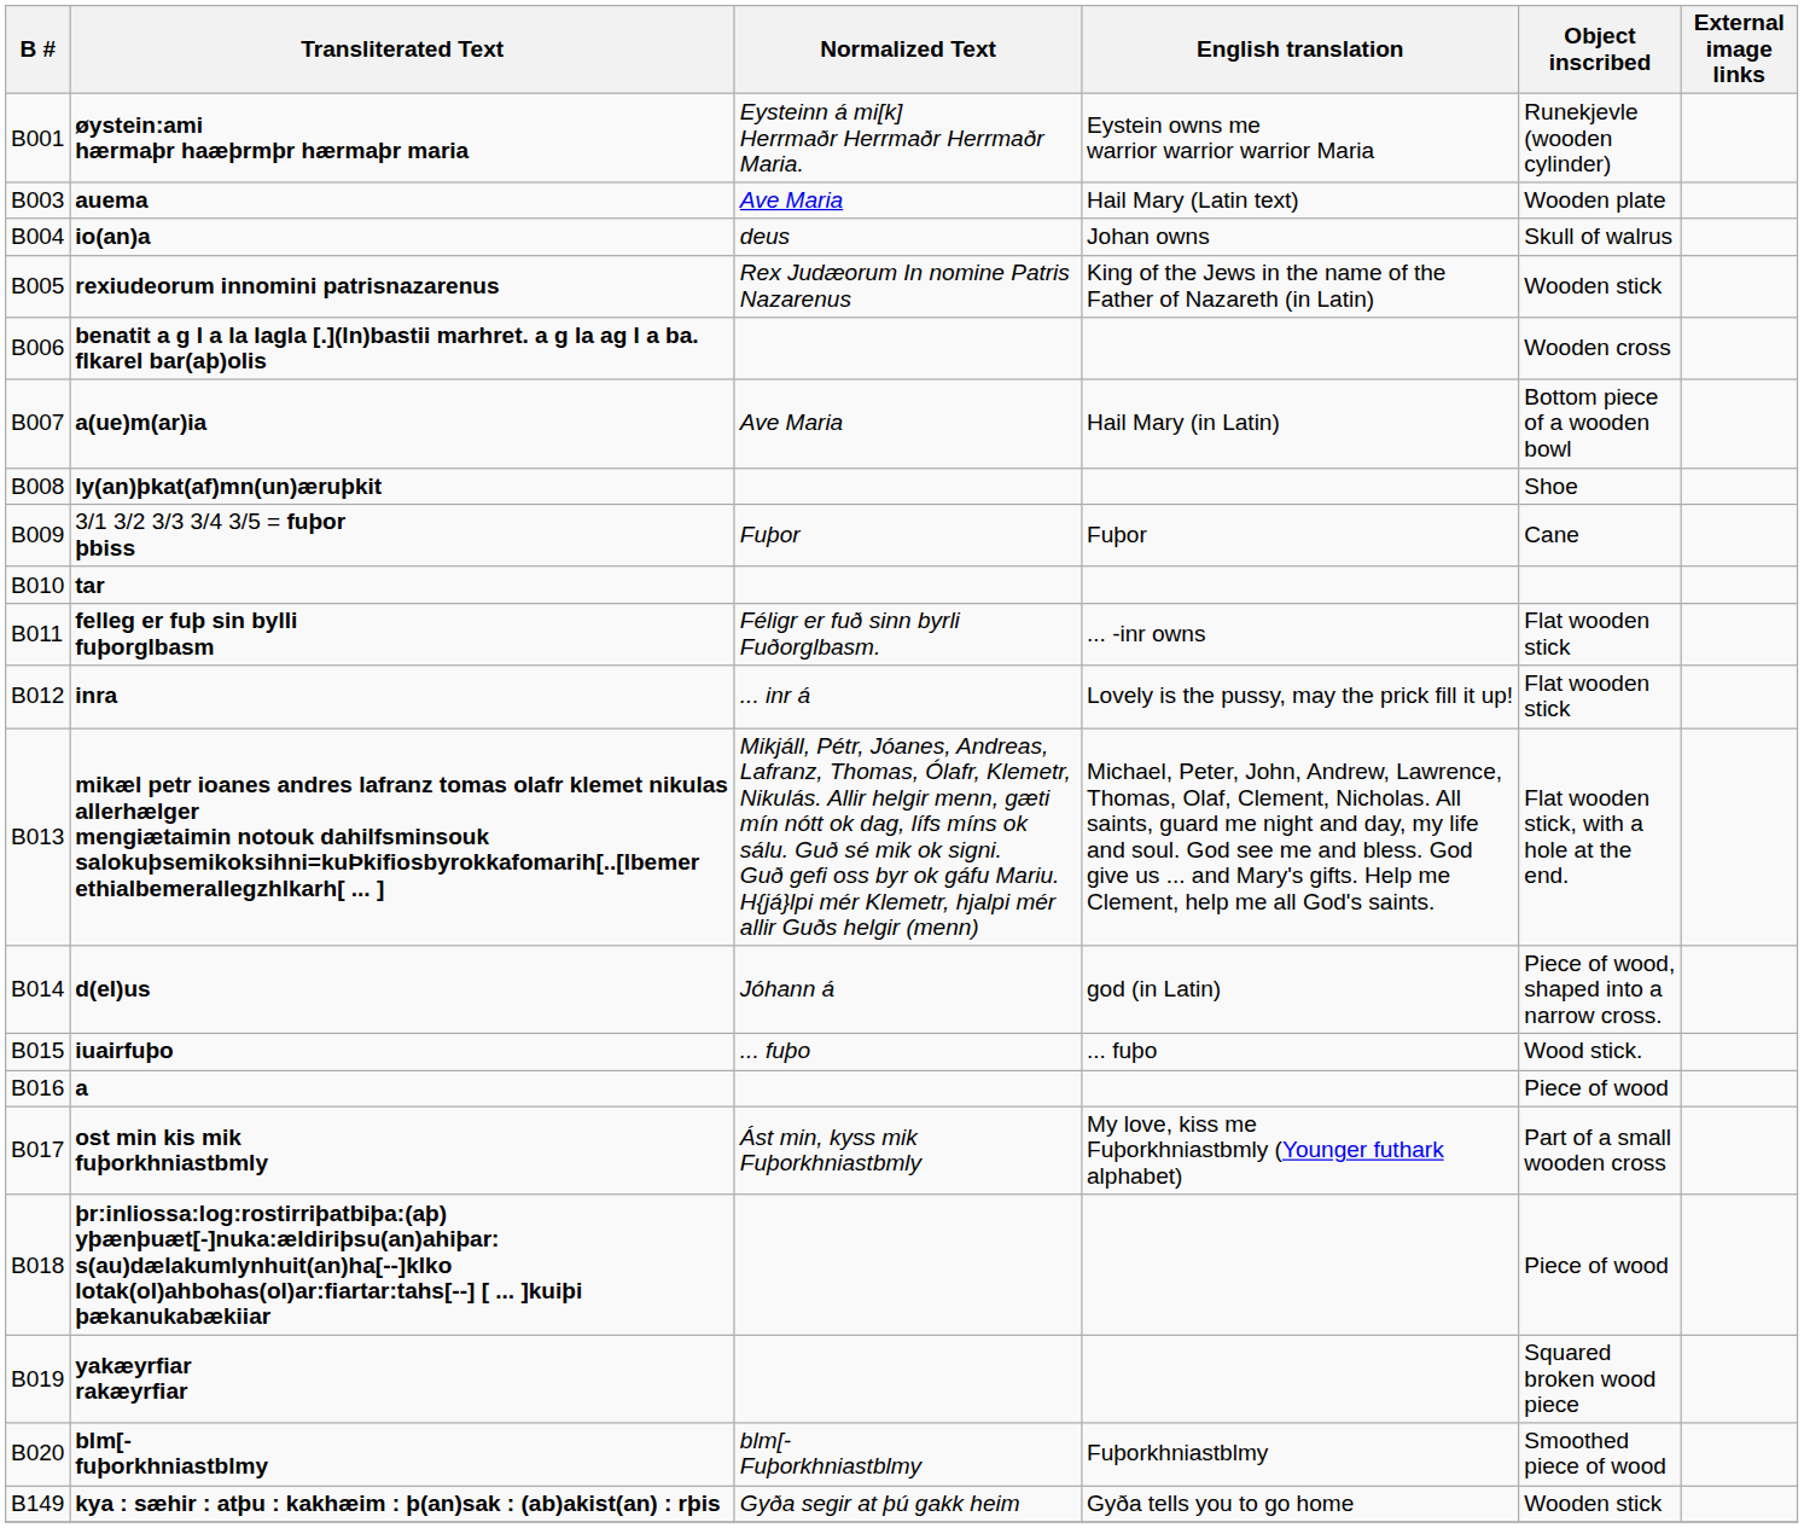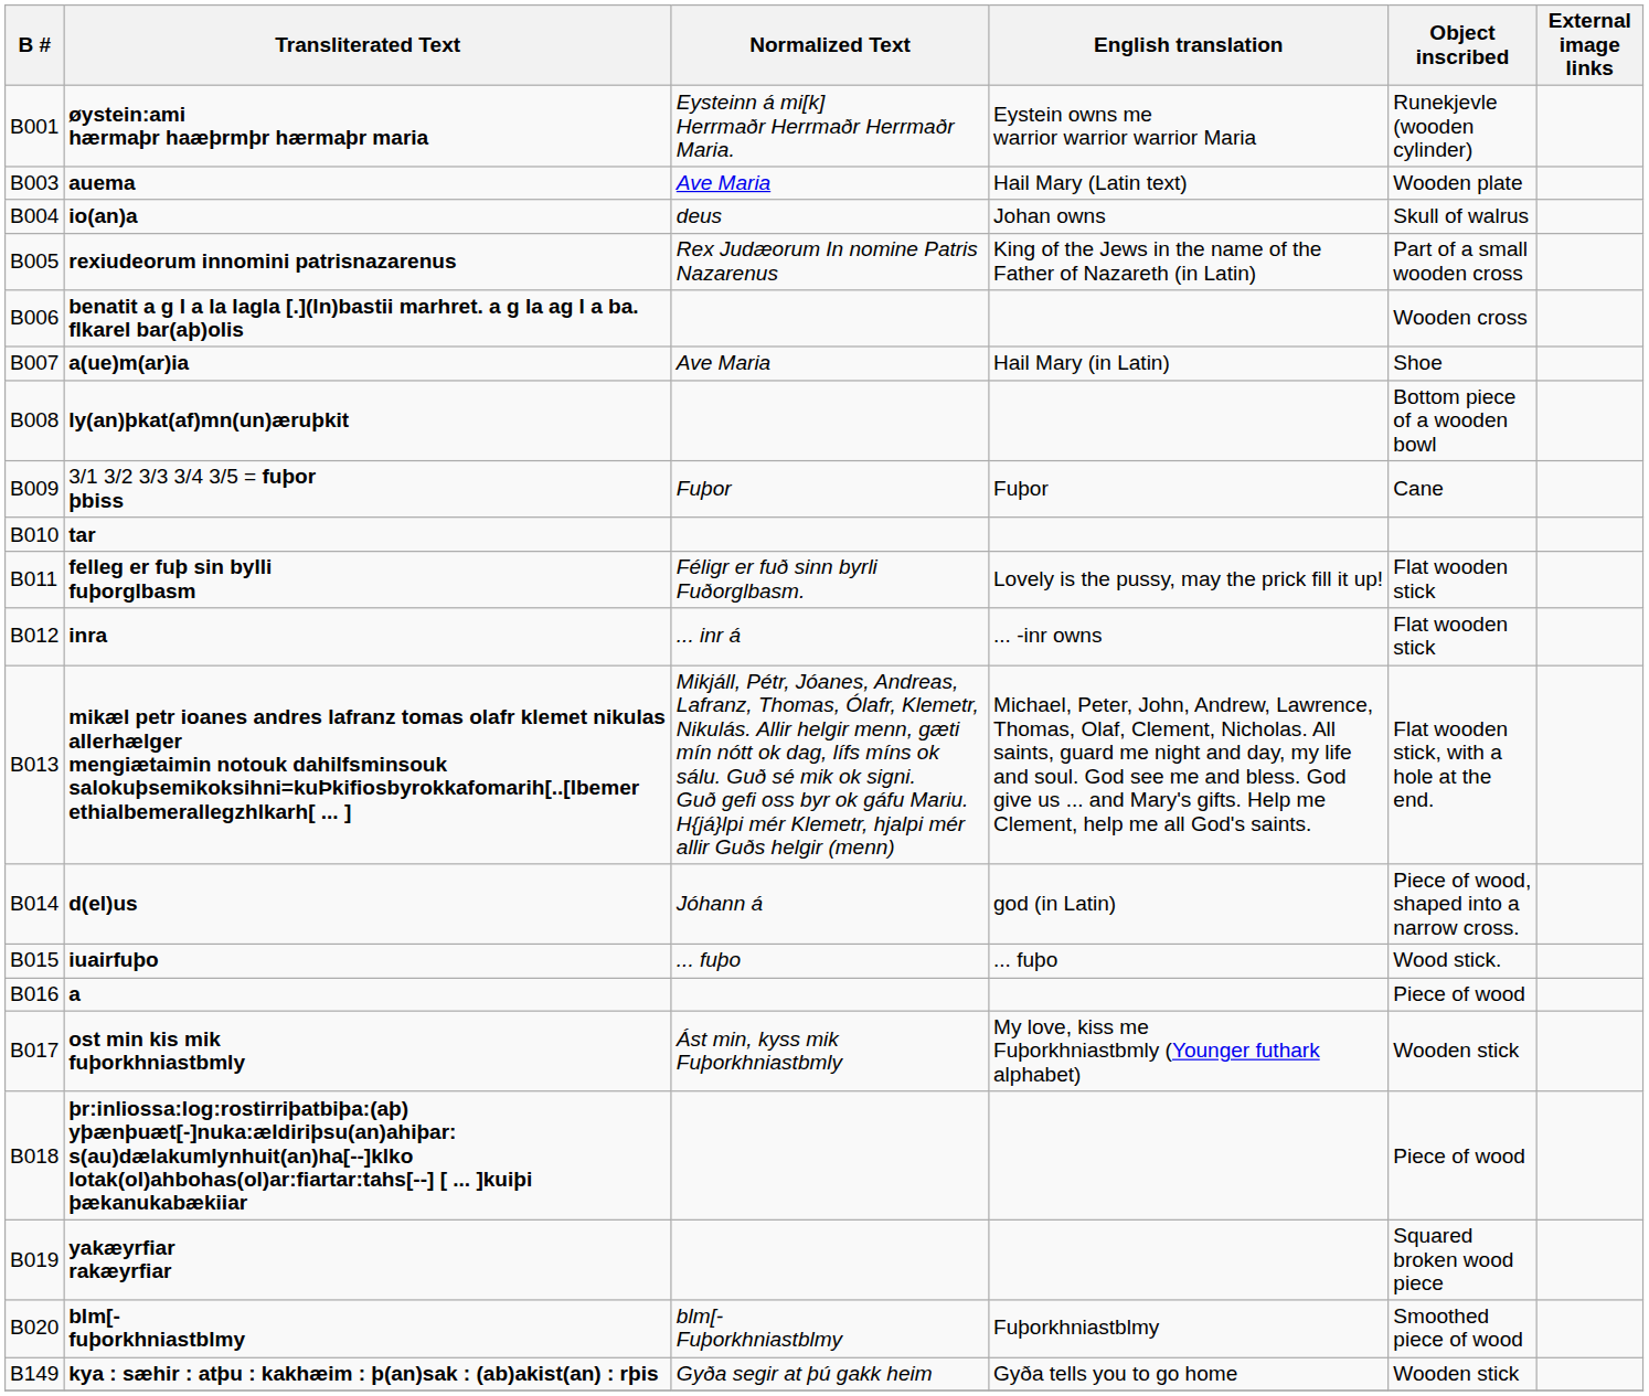 <table class="wikitable" style="text-align:left">
 <tr>
 <th>B #</th>
 <th>Transliterated Text</th>
 <th>Normalized Text</th>
 <th>English translation</th>
 <th>Object inscribed</th>
 <th>External image links</th>
 </tr>
 <tr>
 <td>B001</td>
 <td><strong>øystein:ami</strong><br><strong>hærmaþr</strong> <strong>haæþrmþr</strong> <strong>hærmaþr</strong> <strong>maria</strong></td>
 <td><em>Eysteinn á mi[k]</em><br><em>Herrmaðr</em> <em>Herrmaðr</em> <em>Herrmaðr</em> <em>Maria.</em></td>
 <td>Eystein owns me<br>warrior warrior warrior Maria</td>
 <td>Runekjevle (wooden cylinder)</td>
 <td> </td>
 </tr>
 <tr>
 <td>B003</td>
 <td><strong>auema</strong></td>
 <td><em><a href='#'>Ave Maria</a></em></td>
 <td>Hail Mary (Latin text)</td>
 <td>Wooden plate</td>
 <td> </td>
 </tr>
 <tr>
 <td>B004</td>
 <td><strong>io(an)a</strong></td>
 <td><em>deus</em></td>
 <td>Johan owns</td>
 <td>Skull of walrus</td>
 <td> </td>
 </tr>
 <tr>
 <td>B005</td>
 <td><strong>rexiudeorum innomini patrisnazarenus</strong></td>
 <td><em>Rex Judæorum In nomine Patris Nazarenus</em></td>
 <td>King of the Jews in the name of the Father of Nazareth (in Latin)</td>
-<td>Wooden stick</td>
+<td>Part of a small wooden cross</td>
 <td></td>
 </tr>
 <tr>
 <td>B006</td>
 <td><strong>benatit a g l a la lagla [.](ln)bastii marhret. a g la ag l a ba. flkarel bar(aþ)olis</strong></td>
 <td></td>
 <td></td>
 <td>Wooden cross</td>
 <td></td>
 </tr>
 <tr>
 <td>B007</td>
 <td><strong>a(ue)m(ar)ia</strong></td>
 <td><em>Ave Maria</em></td>
 <td>Hail Mary (in Latin)</td>
-<td>Bottom piece of a wooden bowl</td>
+<td>Shoe</td>
 <td></td>
 </tr>
 <tr>
 <td>B008</td>
 <td><strong>ly(an)þkat(af)mn(un)æruþkit</strong></td>
 <td></td>
 <td></td>
-<td>Shoe</td>
+<td>Bottom piece of a wooden bowl</td>
 <td></td>
 </tr>
 <tr>
 <td>B009</td>
 <td>3/1 3/2 3/3 3/4 3/5 = <strong>fuþor</strong><br><strong>þbiss</strong></td>
 <td><em>Fuþor</em></td>
 <td>Fuþor</td>
 <td>Cane</td>
 <td></td>
 </tr>
 <tr>
 <td>B010</td>
 <td><strong>tar</strong></td>
 <td></td>
 <td></td>
 <td></td>
 <td></td>
 </tr>
 <tr>
 <td>B011</td>
 <td><strong>felleg er fuþ sin bylli</strong><br><strong>fuþorglbasm</strong></td>
 <td><em>Féligr er fuð sinn byrli</em><br><em>Fuðorglbasm.</em></td>
-<td>... -inr owns</td>
+<td>Lovely is the pussy, may the prick fill it up!</td>
 <td>Flat wooden stick</td>
 <td> </td>
 </tr>
 <tr>
 <td>B012</td>
 <td><strong>inra</strong></td>
 <td><em>... inr á</em></td>
-<td>Lovely is the pussy, may the prick fill it up!</td>
+<td>... -inr owns</td>
 <td>Flat wooden stick</td>
 <td></td>
 </tr>
 <tr>
 <td>B013</td>
 <td><strong>mikæl petr ioanes andres lafranz tomas olafr klemet nikulas allerhælger</strong><br><strong>mengiætaimin notouk dahilfsminsouk salokuþsemikoksihni=kuÞkifiosbyrokkafomarih[..[lbemer ethialbemerallegzhlkarh[ ... ]</strong></td>
 <td><em>Mikjáll, Pétr, Jóanes, Andreas, Lafranz, Thomas, Ólafr, Klemetr, Nikulás. Allir helgir menn, gæti mín nótt ok dag, lífs míns ok sálu. Guð sé mik ok signi.</em><br><em>Guð gefi oss byr ok gáfu Mariu.</em> <em>H{já}lpi mér Klemetr, hjalpi mér allir Guðs helgir (menn)</em></td>
 <td>Michael, Peter, John, Andrew, Lawrence, Thomas, Olaf, Clement, Nicholas. All saints, guard me night and day, my life and soul. God see me and bless. God give us ... and Mary's gifts. Help me Clement, help me all God's saints.</td>
 <td>Flat wooden stick, with a hole at the end.</td>
 <td></td>
 </tr>
 <tr>
 <td>B014</td>
 <td><strong>d(el)us</strong></td>
 <td><em>Jóhann á</em></td>
 <td>god (in Latin)</td>
 <td>Piece of wood, shaped into a narrow cross.</td>
 <td> </td>
 </tr>
 <tr>
 <td>B015</td>
 <td><strong>iuairfuþo</strong></td>
 <td><em>... fuþo</em></td>
 <td>... fuþo</td>
 <td>Wood stick.</td>
 <td></td>
 </tr>
 <tr>
 <td>B016</td>
 <td><strong>a</strong></td>
 <td></td>
 <td></td>
 <td>Piece of wood</td>
 <td> </td>
 </tr>
 <tr>
 <td>B017</td>
 <td><strong>ost min kis mik</strong><br><strong>fuþorkhniastbmly</strong></td>
 <td><em>Ást min, kyss mik</em><br><em>Fuþorkhniastbmly</em></td>
 <td>My love, kiss me<br>Fuþorkhniastbmly (<a href='#'>Younger futhark</a> alphabet)</td>
-<td>Part of a small wooden cross</td>
+<td>Wooden stick</td>
 <td> </td>
 </tr>
 <tr>
 <td>B018</td>
 <td><strong>þr:inliossa:log:rostirriþatbiþa:(aþ)</strong><br><strong>yþænþuæt[-]nuka:ældiriþsu(an)ahiþar:</strong> <strong>s(au)dælakumlynhuit(an)ha[--]klko</strong> <strong>lotak(ol)ahbohas(ol)ar:fiartar:tahs[--]</strong> <strong>[ ... ]kuiþi þækanukabækiiar</strong></td>
 <td></td>
 <td></td>
 <td>Piece of wood</td>
 <td>   </td>
 </tr>
 <tr>
 <td>B019</td>
 <td><strong>yakæyrfiar</strong><br><strong>rakæyrfiar</strong></td>
 <td></td>
 <td></td>
 <td>Squared broken wood piece</td>
 <td></td>
 </tr>
 <tr>
 <td>B020</td>
 <td><strong>blm[-</strong><br><strong>fuþorkhniastblmy</strong></td>
 <td><em>blm[-</em><br><em>Fuþorkhniastblmy</em></td>
 <td>Fuþorkhniastblmy</td>
 <td>Smoothed piece of wood</td>
 <td> </td>
 </tr>
 <tr>
 <td>B149</td>
 <td><strong>kya : sæhir : atþu : kakhæim : þ(an)sak : (ab)akist(an) : rþis</strong></td>
 <td><em>Gyða segir at þú gakk heim</em></td>
 <td>Gyða tells you to go home</td>
 <td>Wooden stick</td>
 <td></td>
 </tr>
 <tr>
 </tr>
 </table>
